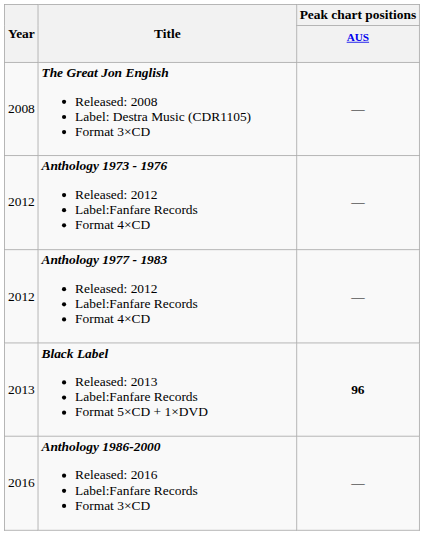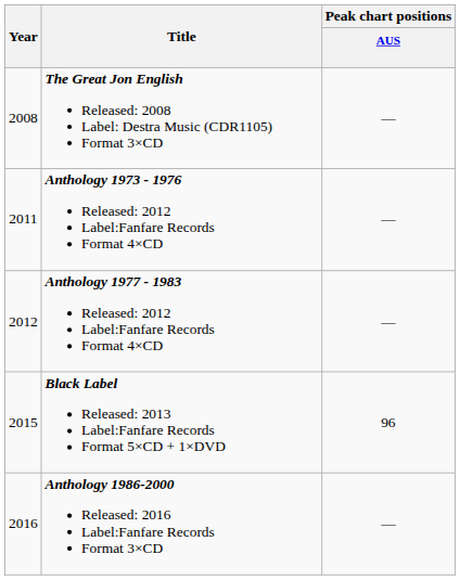 <table class="wikitable">
 <tr>
 <th rowspan="2" width="33">Year</th>
 <th rowspan="2" width="300">Title</th>
 <th colspan="1">Peak chart positions</th>
 </tr>
 <tr>
 <th scope="col" style="text-align:center;"><small><a href='#'>AUS</a><br><br></small></th>
 </tr>
 <tr>
 <td align="center">2008</td>
 <td><strong><em>The Great Jon English</em></strong><br><ul><li>Released: 2008</li><li>Label: Destra Music (CDR1105)</li><li>Format 3×CD</li></ul></td>
 <td align="center">—</td>
 </tr>
 <tr>
-<td align="center">2012</td>
+<td align="center">2011</td>
 <td><strong><em>Anthology 1973 - 1976</em></strong><br><ul><li>Released: 2012</li><li>Label:Fanfare Records</li><li>Format 4×CD</li></ul></td>
 <td align="center">—</td>
 </tr>
 <tr>
 <td align="center">2012</td>
 <td><strong><em>Anthology 1977 - 1983</em></strong><br><ul><li>Released: 2012</li><li>Label:Fanfare Records</li><li>Format 4×CD</li></ul></td>
 <td align="center">—</td>
 </tr>
 <tr>
-<td align="center">2013</td>
+<td align="center">2015</td>
 <td><strong><em>Black Label</em></strong><br><ul><li>Released: 2013</li><li>Label:Fanfare Records</li><li>Format 5×CD + 1×DVD</li></ul></td>
-<td align="center"><strong>96</strong></td>
+<td align="center">96</td>
 </tr>
 <tr>
 <td align="center">2016</td>
 <td><strong><em>Anthology 1986-2000</em></strong><br><ul><li>Released: 2016</li><li>Label:Fanfare Records</li><li>Format 3×CD</li></ul></td>
 <td align="center">—</td>
 </tr>
 </table>
